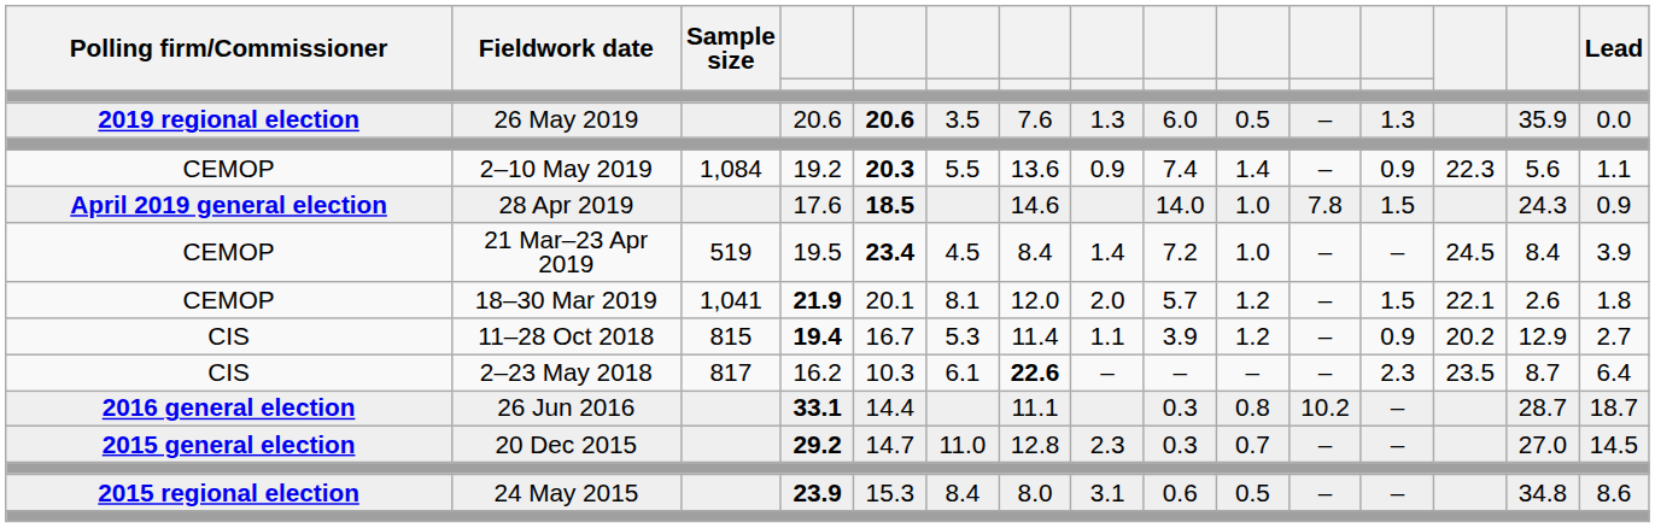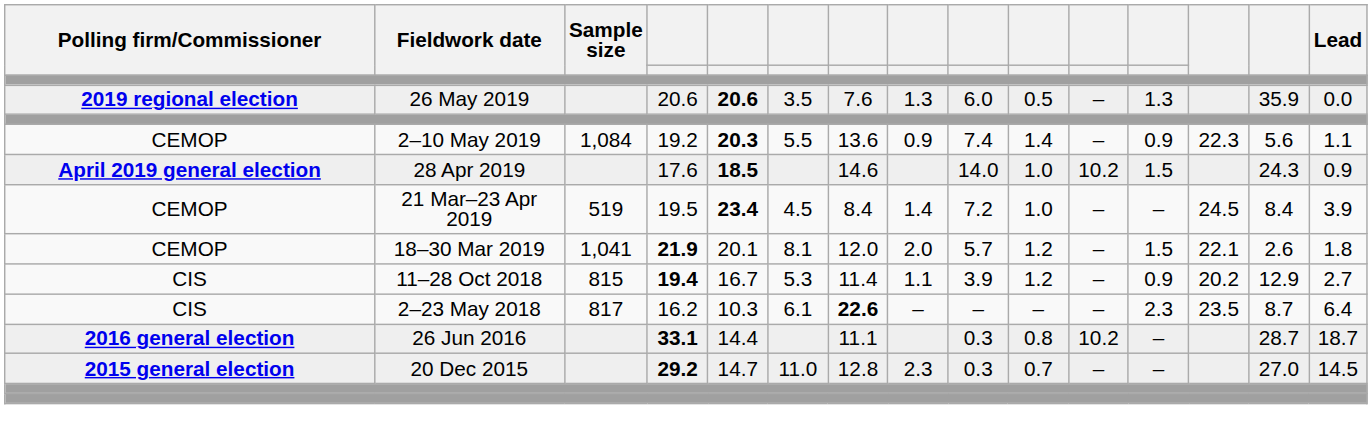 <table class="wikitable collapsible collapsed" style="text-align:center; font-size:90%; line-height:14px;">
 <tr style="height:42px;">
 <th style="width:250px;" rowspan="2">Polling firm/Commissioner</th>
 <th style="width:125px;" rowspan="2">Fieldwork date</th>
 <th style="width:50px;" rowspan="2">Sample size</th>
 <th style="width:35px;"></th>
 <th style="width:35px;"></th>
 <th style="width:35px;"></th>
 <th style="width:35px;"></th>
 <th style="width:35px;"></th>
 <th style="width:35px;"></th>
 <th style="width:35px;"></th>
 <th style="width:35px;"></th>
 <th style="width:35px;"></th>
 <th style="width:35px;" rowspan="2"></th>
 <th style="width:35px;" rowspan="2"></th>
 <th style="width:30px;" rowspan="2">Lead</th>
 </tr>
 <tr>
 <th style="color:inherit;background:"></th>
 <th style="color:inherit;background:"></th>
 <th style="color:inherit;background:"></th>
 <th style="color:inherit;background:"></th>
 <th style="color:inherit;background:"></th>
 <th style="color:inherit;background:"></th>
 <th style="color:inherit;background:"></th>
 <th style="color:inherit;background:"></th>
 <th style="color:inherit;background:"></th>
 </tr>
 <tr>
 <td colspan="15" style="background:#A0A0A0"></td>
 </tr>
 <tr style="background:#EFEFEF;">
 <td><strong><a href='#'>2019 regional election</a></strong></td>
 <td>26 May 2019</td>
 <td></td>
 <td>20.6</td>
 <td><strong>20.6</strong></td>
 <td>3.5</td>
 <td>7.6</td>
 <td>1.3</td>
 <td>6.0</td>
 <td>0.5</td>
 <td>–</td>
 <td>1.3</td>
 <td></td>
 <td>35.9</td>
 <td style="background:">0.0</td>
 </tr>
 <tr>
 <td colspan="15" style="background:#A0A0A0"></td>
 </tr>
 <tr>
 <td>CEMOP</td>
 <td>2–10 May 2019</td>
 <td>1,084</td>
 <td>19.2</td>
 <td><strong>20.3</strong></td>
 <td>5.5</td>
 <td>13.6</td>
 <td>0.9</td>
 <td>7.4</td>
 <td>1.4</td>
 <td>–</td>
 <td>0.9</td>
 <td>22.3</td>
 <td>5.6</td>
 <td style="background:">1.1</td>
 </tr>
 <tr style="background:#EFEFEF;">
 <td><strong><a href='#'>April 2019 general election</a></strong></td>
 <td>28 Apr 2019</td>
 <td></td>
 <td>17.6</td>
 <td><strong>18.5</strong></td>
 <td></td>
 <td>14.6</td>
 <td></td>
 <td>14.0</td>
 <td>1.0</td>
-<td>7.8</td>
+<td>10.2</td>
 <td>1.5</td>
 <td></td>
 <td>24.3</td>
 <td style="background:">0.9</td>
 </tr>
 <tr>
 <td>CEMOP</td>
 <td>21 Mar–23 Apr 2019</td>
 <td>519</td>
 <td>19.5</td>
 <td><strong>23.4</strong></td>
 <td>4.5</td>
 <td>8.4</td>
 <td>1.4</td>
 <td>7.2</td>
 <td>1.0</td>
 <td>–</td>
 <td>–</td>
 <td>24.5</td>
 <td>8.4</td>
 <td style="background:">3.9</td>
 </tr>
 <tr>
 <td>CEMOP</td>
 <td>18–30 Mar 2019</td>
 <td>1,041</td>
 <td><strong>21.9</strong></td>
 <td>20.1</td>
 <td>8.1</td>
 <td>12.0</td>
 <td>2.0</td>
 <td>5.7</td>
 <td>1.2</td>
 <td>–</td>
 <td>1.5</td>
 <td>22.1</td>
 <td>2.6</td>
 <td style="background:">1.8</td>
 </tr>
 <tr>
 <td>CIS</td>
 <td>11–28 Oct 2018</td>
 <td>815</td>
 <td><strong>19.4</strong></td>
 <td>16.7</td>
 <td>5.3</td>
 <td>11.4</td>
 <td>1.1</td>
 <td>3.9</td>
 <td>1.2</td>
 <td>–</td>
 <td>0.9</td>
 <td>20.2</td>
 <td>12.9</td>
 <td style="background:">2.7</td>
 </tr>
 <tr>
 <td>CIS</td>
 <td>2–23 May 2018</td>
 <td>817</td>
 <td>16.2</td>
 <td>10.3</td>
 <td>6.1</td>
 <td><strong>22.6</strong></td>
 <td>–</td>
 <td>–</td>
 <td>–</td>
 <td>–</td>
 <td>2.3</td>
 <td>23.5</td>
 <td>8.7</td>
 <td style="background:">6.4</td>
 </tr>
 <tr style="background:#EFEFEF;">
 <td><strong><a href='#'>2016 general election</a></strong></td>
 <td>26 Jun 2016</td>
 <td></td>
 <td><strong>33.1</strong></td>
 <td>14.4</td>
 <td></td>
 <td>11.1</td>
 <td></td>
 <td>0.3</td>
 <td>0.8</td>
 <td>10.2</td>
 <td>–</td>
 <td></td>
 <td>28.7</td>
 <td style="background:">18.7</td>
 </tr>
 <tr style="background:#EFEFEF;">
 <td><strong><a href='#'>2015 general election</a></strong></td>
 <td>20 Dec 2015</td>
 <td></td>
 <td><strong>29.2</strong></td>
 <td>14.7</td>
 <td>11.0</td>
 <td>12.8</td>
 <td>2.3</td>
 <td>0.3</td>
 <td>0.7</td>
 <td>–</td>
 <td>–</td>
 <td></td>
 <td>27.0</td>
 <td style="background:">14.5</td>
 </tr>
 <tr>
 <td colspan="15" style="background:#A0A0A0"></td>
 </tr>
-<tr style="background:#EFEFEF;">
-<td><strong><a href='#'>2015 regional election</a></strong></td>
-<td>24 May 2015</td>
-<td></td>
-<td><strong>23.9</strong></td>
-<td>15.3</td>
-<td>8.4</td>
-<td>8.0</td>
-<td>3.1</td>
-<td>0.6</td>
-<td>0.5</td>
-<td>–</td>
-<td>–</td>
-<td></td>
-<td>34.8</td>
-<td style="background:">8.6</td>
-</tr>
 <tr>
 <td colspan="15" style="background:#A0A0A0"></td>
 </tr>
 </table>
